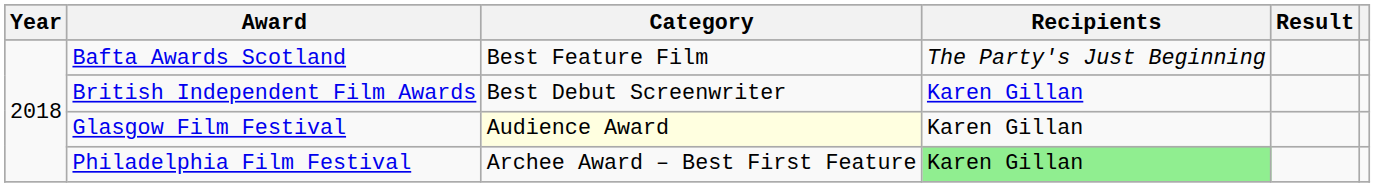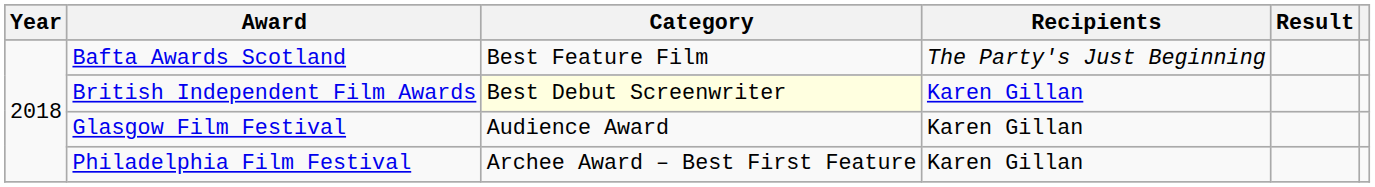 <table class="wikitable sortable plainrowheaders">
 <tr style="background:#ccc; text-align:center;">
 <th scope="col">Year</th>
 <th scope="col">Award</th>
 <th scope="col">Category</th>
 <th scope="col">Recipients</th>
 <th scope="col">Result</th>
 <th scope="col" class="unsortable"></th>
 </tr>
 <tr>
 <td rowspan="4">2018</td>
 <td><a href='#'>Bafta Awards Scotland</a></td>
 <td>Best Feature Film</td>
 <td><em>The Party's Just Beginning</em></td>
 <td></td>
 <td style="text-align:center;"></td>
 </tr>
 <tr>
 <td><a href='#'>British Independent Film Awards</a></td>
-<td>Best Debut Screenwriter</td>
+<td style="background: lightyellow;">Best Debut Screenwriter</td>
 <td><a href='#'>Karen Gillan</a></td>
 <td></td>
 <td style="text-align:center;"></td>
 </tr>
 <tr>
 <td><a href='#'>Glasgow Film Festival</a></td>
-<td style="background: lightyellow;">Audience Award</td>
+<td>Audience Award</td>
 <td>Karen Gillan</td>
 <td></td>
 <td style="text-align:center;"></td>
 </tr>
 <tr>
 <td><a href='#'>Philadelphia Film Festival</a></td>
 <td>Archee Award – Best First Feature</td>
-<td style="background: lightgreen;">Karen Gillan</td>
+<td>Karen Gillan</td>
 <td></td>
 <td style="text-align:center;"></td>
 </tr>
 </table>
